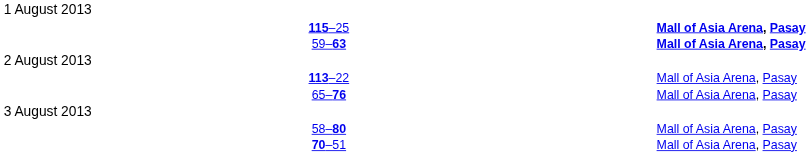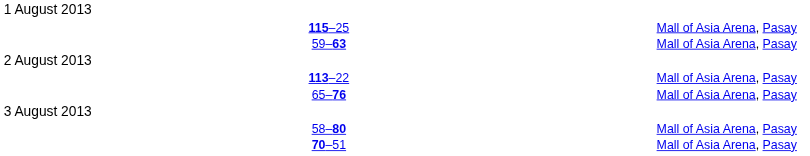 <table style="width:100%;" cellspacing="1">
 <tr>
 <th width=25%></th>
 <th width=2%></th>
 <th width=6%></th>
 <th width=2%></th>
 <th width=25%></th>
 </tr>
 <tr>
 <td>1 August 2013</td>
 </tr>
 <tr style=font-size:90%>
 <td align=right><strong></strong></td>
 <td></td>
 <td align=center><a href='#'><strong>115</strong>–25</a></td>
 <td></td>
 <td></td>
-<td><strong><a href='#'>Mall of Asia Arena</a>, <a href='#'>Pasay</a></strong></td>
+<td><a href='#'>Mall of Asia Arena</a>, <a href='#'>Pasay</a></td>
 </tr>
 <tr style=font-size:90%>
 <td align=right></td>
 <td></td>
 <td align=center><a href='#'>59–<strong>63</strong></a></td>
 <td></td>
 <td><strong></strong></td>
-<td><strong><a href='#'>Mall of Asia Arena</a>, <a href='#'>Pasay</a></strong></td>
+<td><a href='#'>Mall of Asia Arena</a>, <a href='#'>Pasay</a></td>
 </tr>
 <tr>
 <td>2 August 2013</td>
 </tr>
 <tr style=font-size:90%>
 <td align=right><strong></strong></td>
 <td></td>
 <td align=center><a href='#'><strong>113</strong>–22</a></td>
 <td></td>
 <td></td>
 <td><a href='#'>Mall of Asia Arena</a>, <a href='#'>Pasay</a></td>
 </tr>
 <tr style=font-size:90%>
 <td align=right></td>
 <td></td>
 <td align="center"><a href='#'>65–<strong>76</strong></a></td>
 <td></td>
 <td><strong></strong></td>
 <td><a href='#'>Mall of Asia Arena</a>, <a href='#'>Pasay</a></td>
 </tr>
 <tr>
 <td>3 August 2013</td>
 </tr>
 <tr style=font-size:90%>
 <td align=right></td>
 <td></td>
 <td align=center><a href='#'>58–<strong>80</strong></a></td>
 <td></td>
 <td><strong></strong></td>
 <td><a href='#'>Mall of Asia Arena</a>, <a href='#'>Pasay</a></td>
 </tr>
 <tr style=font-size:90%>
 <td align=right><strong></strong></td>
 <td></td>
 <td align="center"><a href='#'><strong>70</strong>–51</a></td>
 <td></td>
 <td></td>
 <td><a href='#'>Mall of Asia Arena</a>, <a href='#'>Pasay</a></td>
 </tr>
 </table>
